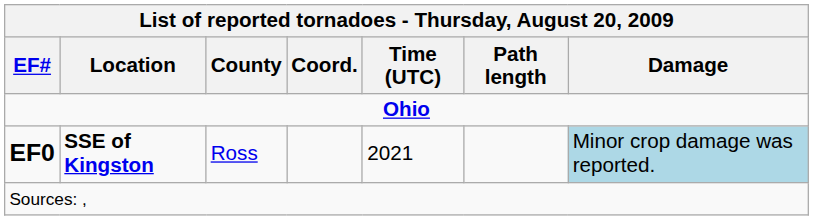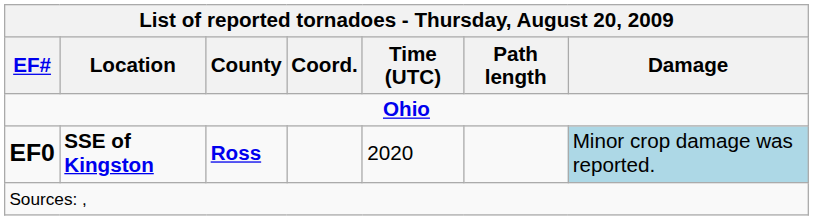 <table class="wikitable collapsible" style="width:100%;">
 <tr>
 <th colspan="7">List of reported tornadoes - Thursday, August 20, 2009</th>
 </tr>
 <tr>
 <th><a href='#'>EF#</a></th>
 <th>Location</th>
 <th>County</th>
 <th>Coord.</th>
 <th>Time (UTC)</th>
 <th>Path length</th>
 <th>Damage</th>
 </tr>
 <tr>
 <td colspan="7" style="text-align:center;"><strong><a href='#'>Ohio</a></strong></td>
 </tr>
 <tr>
 <td><big><strong>EF0</strong></big></td>
 <td><strong>SSE of <a href='#'>Kingston</a> </strong></td>
-<td><a href='#'>Ross</a></td>
+<td><strong><a href='#'>Ross</a></strong></td>
 <td></td>
-<td>2021</td>
+<td>2020</td>
 <td></td>
 <td style="background: lightblue;">Minor crop damage was reported.</td>
 </tr>
 <tr>
 <td colspan="7"><small>Sources: , </small></td>
 </tr>
 </table>
